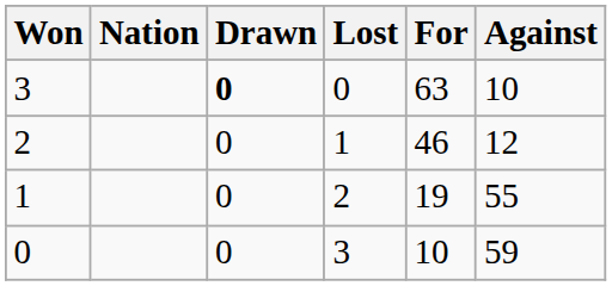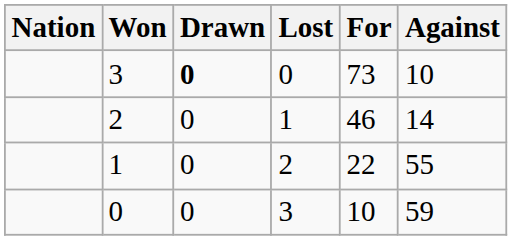 <table class="wikitable">
 <tr>
+<th>Nation</th>
 <th>Won</th>
-<th>Nation</th>
 <th>Drawn</th>
 <th>Lost</th>
 <th>For</th>
 <th>Against</th>
 </tr>
 <tr>
+<td></td>
 <td>3</td>
-<td></td>
 <td><strong>0</strong></td>
 <td>0</td>
-<td>63</td>
+<td>73</td>
 <td>10</td>
 </tr>
 <tr>
+<td></td>
 <td>2</td>
-<td></td>
 <td>0</td>
 <td>1</td>
 <td>46</td>
-<td>12</td>
+<td>14</td>
 </tr>
 <tr>
+<td></td>
 <td>1</td>
-<td></td>
 <td>0</td>
 <td>2</td>
-<td>19</td>
+<td>22</td>
 <td>55</td>
 </tr>
 <tr>
+<td></td>
 <td>0</td>
-<td></td>
 <td>0</td>
 <td>3</td>
 <td>10</td>
 <td>59</td>
 </tr>
 </table>
